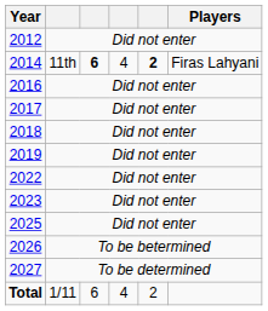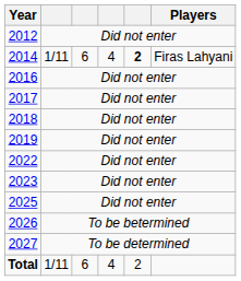 <table class="wikitable" style="text-align: center;">
 <tr>
 <th>Year</th>
 <th></th>
 <th width=25px></th>
 <th width=25px></th>
 <th width=25px></th>
 <th>Players</th>
 </tr>
 <tr>
 <td> <a href='#'>2012</a></td>
 <td colspan=5><em>Did not enter</em></td>
 </tr>
 <tr>
 <td> <a href='#'>2014</a></td>
-<td>11th</td>
-<td><strong>6</strong></td>
+<td>1/11</td>
+<td>6</td>
 <td>4</td>
 <td><strong>2</strong></td>
 <td align=left>Firas Lahyani</td>
 </tr>
 <tr>
 <td> <a href='#'>2016</a></td>
 <td colspan=5><em>Did not enter</em></td>
 </tr>
 <tr>
 <td> <a href='#'>2017</a></td>
 <td colspan=5><em>Did not enter</em></td>
 </tr>
 <tr>
 <td> <a href='#'>2018</a></td>
 <td colspan=5><em>Did not enter</em></td>
 </tr>
 <tr>
 <td> <a href='#'>2019</a></td>
 <td colspan=5><em>Did not enter</em></td>
 </tr>
 <tr>
 <td> <a href='#'>2022</a></td>
 <td colspan=5><em>Did not enter</em></td>
 </tr>
 <tr>
 <td> <a href='#'>2023</a></td>
 <td colspan=5><em>Did not enter</em></td>
 </tr>
 <tr>
 <td> <a href='#'>2025</a></td>
 <td colspan=5><em>Did not enter</em></td>
 </tr>
 <tr>
 <td> <a href='#'>2026</a></td>
 <td colspan=5><em>To be betermined</em></td>
 </tr>
 <tr>
 <td> <a href='#'>2027</a></td>
 <td colspan=5><em>To be determined</em></td>
 </tr>
 <tr>
 <td><strong>Total</strong></td>
 <td>1/11</td>
 <td>6</td>
 <td>4</td>
 <td>2</td>
 <td></td>
 </tr>
 </table>
